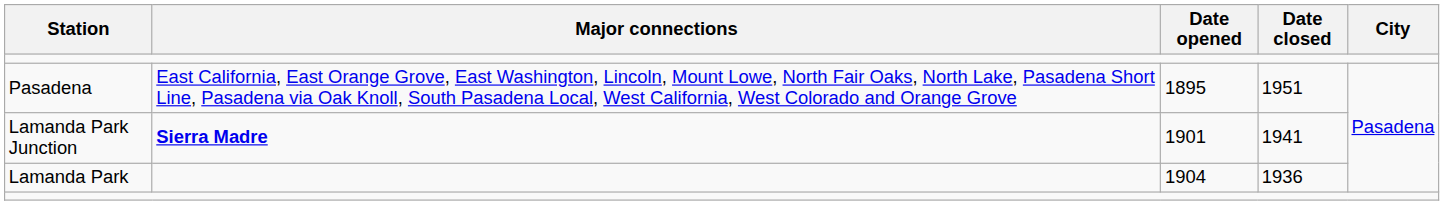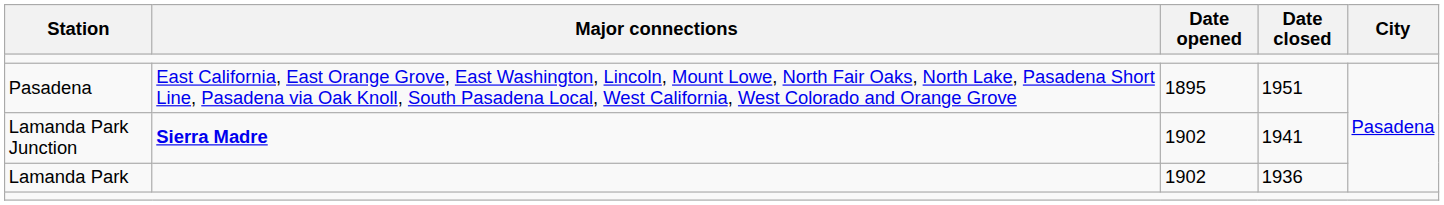 <table class="wikitable">
 <tr>
 <th>Station</th>
 <th>Major connections</th>
 <th>Date opened</th>
 <th>Date closed</th>
 <th>City</th>
 </tr>
 <tr>
 <td colspan = "5"></td>
 </tr>
 <tr>
 <td>Pasadena</td>
 <td><a href='#'>East California</a>, <a href='#'>East Orange Grove</a>, <a href='#'>East Washington</a>, <a href='#'>Lincoln</a>, <a href='#'>Mount Lowe</a>, <a href='#'>North Fair Oaks</a>, <a href='#'>North Lake</a>, <a href='#'>Pasadena Short Line</a>, <a href='#'>Pasadena via Oak Knoll</a>, <a href='#'>South Pasadena Local</a>, <a href='#'>West California</a>, <a href='#'>West Colorado and Orange Grove</a></td>
 <td>1895</td>
 <td>1951</td>
 <td rowspan=3><a href='#'>Pasadena</a></td>
 </tr>
 <tr>
 <td>Lamanda Park Junction</td>
 <td><strong><a href='#'>Sierra Madre</a></strong></td>
-<td>1901</td>
+<td>1902</td>
 <td>1941</td>
 </tr>
 <tr>
 <td>Lamanda Park</td>
 <td></td>
-<td>1904</td>
+<td>1902</td>
 <td>1936</td>
 </tr>
 <tr>
 <td colspan = "5"></td>
 </tr>
 </table>
